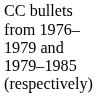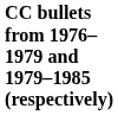 <table style="width:80px;">
 <tr>
 <td><br></td>
 </tr>
 <tr>
-<td><div>CC bullets from 1976–1979 and 1979–1985 (respectively)</div></td>
+<td><strong><div>CC bullets from 1976–1979 and 1979–1985 (respectively)</div></strong></td>
 </tr>
 </table>
